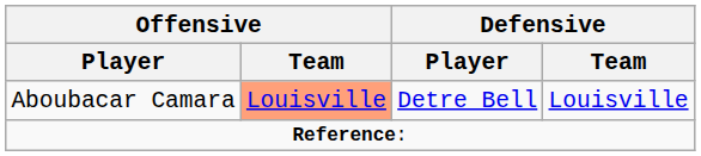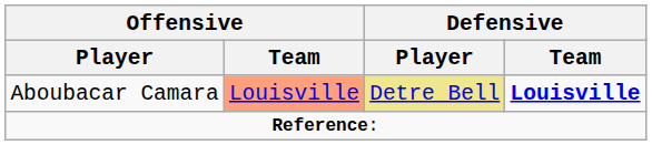 <table class="wikitable" style="text-align: center;">
 <tr>
 <th colspan="2">Offensive</th>
 <th colspan="2">Defensive</th>
 </tr>
 <tr>
 <th>Player</th>
 <th>Team</th>
 <th>Player</th>
 <th>Team</th>
 </tr>
 <tr>
 <td>Aboubacar Camara</td>
 <td style="background: lightsalmon;"><a href='#'>Louisville</a></td>
-<td><a href='#'>Detre Bell</a></td>
-<td><a href='#'>Louisville</a></td>
+<td style="background: khaki;"><a href='#'>Detre Bell</a></td>
+<td><strong><a href='#'>Louisville</a></strong></td>
 </tr>
 <tr>
 <td colspan="4"  style="font-size:8pt; text-align:center;"><strong>Reference</strong>:</td>
 </tr>
 </table>
